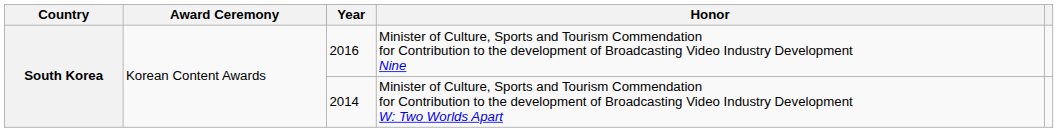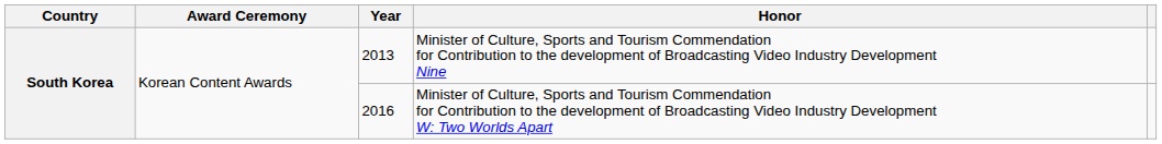 <table class="wikitable sortable plainrowheaders" style="text-align:left; font-size:100%; padding:0 auto; width:100%; margin:auto">
 <tr>
 <th scope="col">Country</th>
 <th scope="col">Award Ceremony</th>
 <th scope="col">Year</th>
 <th scope="col">Honor</th>
 <th class="unsortable" scope="col"></th>
 </tr>
 <tr>
 <th rowspan="2" scope="row">South Korea</th>
 <td rowspan="2">Korean Content Awards</td>
-<td>2016</td>
+<td>2013</td>
 <td>Minister of Culture, Sports and Tourism Commendation<br>for Contribution to the development of Broadcasting Video Industry Development<br><em><a href='#'>Nine</a></em></td>
 <td></td>
 </tr>
 <tr>
-<td>2014</td>
+<td>2016</td>
 <td>Minister of Culture, Sports and Tourism Commendation<br>for Contribution to the development of Broadcasting Video Industry Development<br><em><a href='#'>W: Two Worlds Apart</a></em></td>
 <td></td>
 </tr>
 </table>
